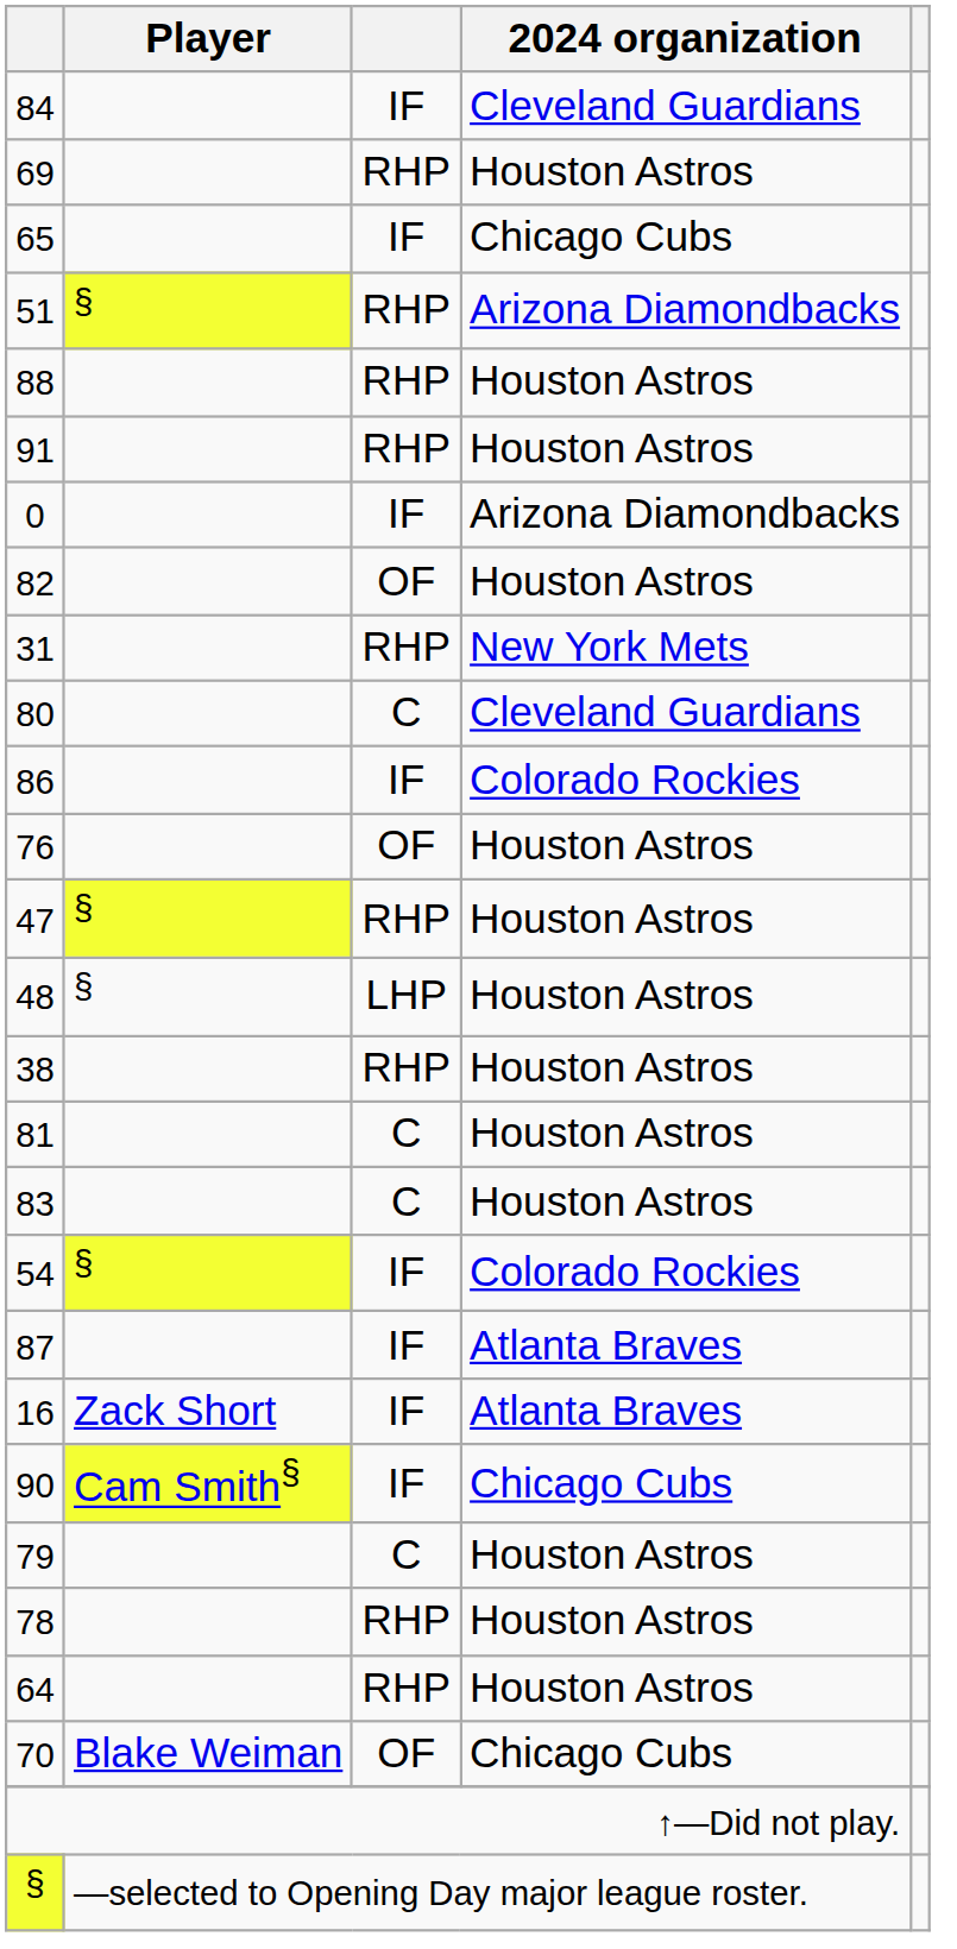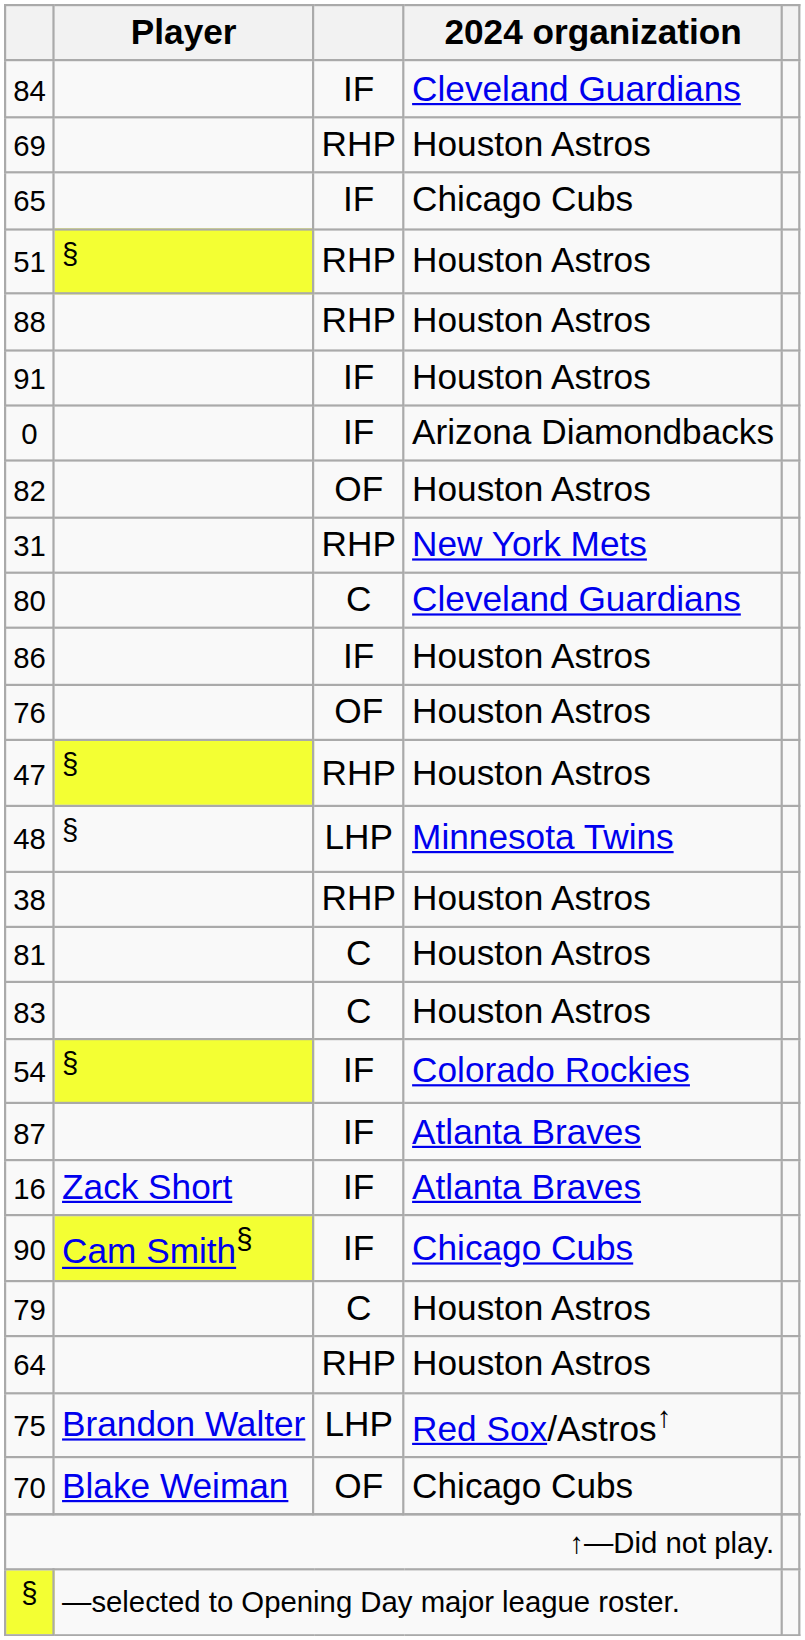 <table class="wikitable sortable">
 <tr>
 <th></th>
 <th>Player</th>
 <th></th>
 <th>2024 organization</th>
 <th></th>
 </tr>
 <tr>
 <td align=center><small>84</small></td>
 <td></td>
 <td align=center>IF</td>
 <td><a href='#'>Cleveland Guardians</a></td>
 <td align=center></td>
 </tr>
 <tr>
 <td align=center><small>69</small></td>
 <td></td>
 <td align=center>RHP</td>
 <td>Houston Astros</td>
 <td align=center></td>
 </tr>
 <tr>
 <td align=center><small>65</small></td>
 <td></td>
 <td align=center>IF</td>
 <td>Chicago Cubs</td>
 <td align=center></td>
 </tr>
 <tr>
 <td align=center><small>51</small></td>
 <td bgcolor="#f3ff33"><sup>§</sup></td>
 <td align="center">RHP</td>
-<td align="center"><a href='#'>Arizona Diamondbacks</a></td>
+<td>Houston Astros</td>
 <td align="center"></td>
 </tr>
 <tr>
 <td align=center><small>88</small></td>
 <td></td>
 <td align=center>RHP</td>
 <td>Houston Astros</td>
 <td align=center></td>
 </tr>
 <tr>
 <td align=center><small>91</small></td>
 <td></td>
-<td align=center>RHP</td>
+<td align=center>IF</td>
 <td>Houston Astros</td>
 <td align=center></td>
 </tr>
 <tr>
 <td align=center><small>0</small></td>
 <td></td>
 <td align="center">IF</td>
 <td align="center">Arizona Diamondbacks</td>
 <td align="center"></td>
 </tr>
 <tr>
 <td align=center><small>82</small></td>
 <td></td>
 <td align=center>OF</td>
 <td>Houston Astros</td>
 <td align=center></td>
 </tr>
 <tr>
 <td align=center><small>31</small></td>
 <td></td>
 <td align=center>RHP</td>
 <td><a href='#'>New York Mets</a></td>
 <td align=center></td>
 </tr>
 <tr>
 <td align=center><small>80</small></td>
 <td></td>
 <td align="center">C</td>
 <td><a href='#'>Cleveland Guardians</a></td>
 <td align="center"></td>
 </tr>
 <tr>
 <td align=center><small>86</small></td>
 <td></td>
 <td align=center>IF</td>
-<td><a href='#'>Colorado Rockies</a></td>
+<td>Houston Astros</td>
 <td align=center></td>
 </tr>
 <tr>
 <td align=center><small>76</small></td>
 <td></td>
 <td align=center>OF</td>
 <td>Houston Astros</td>
 <td align=center></td>
 </tr>
 <tr>
 <td align=center><small>47</small></td>
 <td bgcolor="#f3ff33"><sup>§</sup></td>
 <td align=center>RHP</td>
 <td>Houston Astros</td>
 <td align=center></td>
 </tr>
 <tr>
 <td align=center><small>48</small></td>
 <td><sup>§</sup></td>
 <td align=center>LHP</td>
-<td>Houston Astros</td>
+<td><a href='#'>Minnesota Twins</a></td>
 <td align=center></td>
 </tr>
 <tr>
 <td align=center><small>38</small></td>
 <td></td>
 <td align=center>RHP</td>
 <td>Houston Astros</td>
 <td align=center></td>
 </tr>
 <tr>
 <td align=center><small>81</small></td>
 <td></td>
 <td align=center>C</td>
 <td>Houston Astros</td>
 <td align=center></td>
 </tr>
 <tr>
 <td align=center><small>83</small></td>
 <td></td>
 <td align=center>C</td>
 <td>Houston Astros</td>
 <td align=center></td>
 </tr>
 <tr>
 <td align=center><small>54</small></td>
 <td bgcolor="#f3ff33"><sup>§</sup></td>
 <td align=center>IF</td>
 <td><a href='#'>Colorado Rockies</a></td>
 <td align=center></td>
 </tr>
 <tr>
 <td align=center><small>87</small></td>
 <td></td>
 <td align=center>IF</td>
 <td><a href='#'>Atlanta Braves</a></td>
 <td align=center></td>
 </tr>
 <tr>
 <td align=center><small>16</small></td>
 <td><a href='#'>Zack Short</a></td>
 <td align=center>IF</td>
 <td><a href='#'>Atlanta Braves</a></td>
 <td align=center></td>
 </tr>
 <tr>
 <td align=center><small>90</small></td>
 <td bgcolor="#f3ff33"><a href='#'>Cam Smith</a><sup>§</sup></td>
 <td align=center>IF</td>
 <td><a href='#'>Chicago Cubs</a></td>
 <td align=center></td>
 </tr>
 <tr>
 <td align=center><small>79</small></td>
 <td></td>
 <td align=center>C</td>
 <td>Houston Astros</td>
 <td align=center></td>
 </tr>
 <tr>
-<td align=center><small>78</small></td>
+<td align=center><small>64</small></td>
 <td></td>
 <td align=center>RHP</td>
 <td>Houston Astros</td>
 <td align=center></td>
 </tr>
 <tr>
-<td align=center><small>64</small></td>
-<td></td>
-<td align=center>RHP</td>
-<td>Houston Astros</td>
+<td align=center><small>75</small></td>
+<td><a href='#'>Brandon Walter</a></td>
+<td align=center>LHP</td>
+<td><a href='#'>Red Sox</a>/Astros<sup>↑</sup></td>
 <td align=center></td>
 </tr>
 <tr>
 <td align=center><small>70</small></td>
 <td><a href='#'>Blake Weiman</a></td>
 <td align=center>OF</td>
 <td>Chicago Cubs</td>
 <td align=center></td>
 </tr>
 <tr>
 </tr>
 <tr class="sortbottom">
 <td style="text-align:right"; colspan="4"><small>↑—Did not play.</small></td>
 <td align=center></td>
 </tr>
 <tr class="sortbottom">
 <td style="text-align:center"; bgcolor="#f3ff33"><sup>§</sup></td>
 <td style="text-align:left"; colspan="3"><small>—selected to Opening Day major league roster.</small></td>
 <td align=center></td>
 </tr>
 </table>
